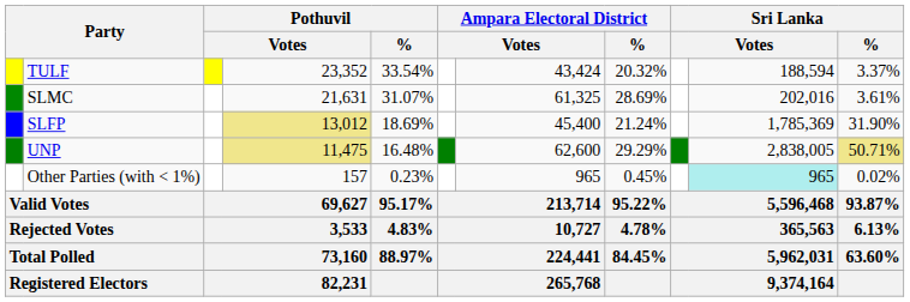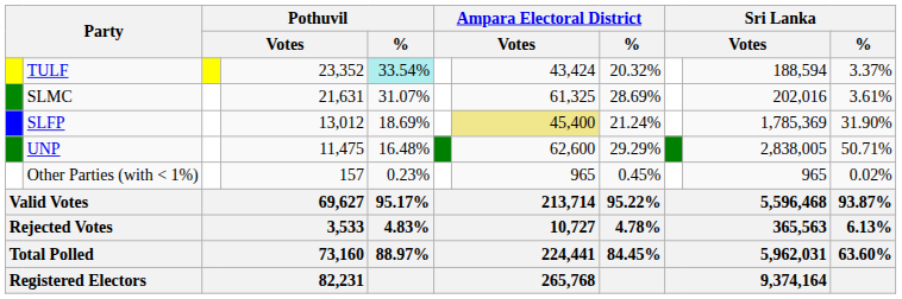 <table class="wikitable">
 <tr>
 <th colspan="2" width="144px"rowspan="2">Party</th>
 <th colspan="3" width="216px">Pothuvil</th>
 <th colspan="3" width="216px"><a href='#'>Ampara Electoral District</a></th>
 <th colspan="3" width="216px">Sri Lanka</th>
 </tr>
 <tr>
 <th colspan="2" width="144px">Votes</th>
 <th>%</th>
 <th colspan="2" width="144px">Votes</th>
 <th>%</th>
 <th colspan="2" width="144px">Votes</th>
 <th>%</th>
 </tr>
 <tr>
 <td style="background-color:yellow;" width="10px"></td>
 <td style="text-align:left;"><a href='#'>TULF</a></td>
 <td style="background-color:yellow;" width="10px"></td>
 <td style="text-align:right;">23,352</td>
-<td style="text-align:right;">33.54%</td>
+<td style="background: paleturquoise; text-align:right;">33.54%</td>
 <td style="background-color:white;" width="10px"></td>
 <td style="text-align:right;">43,424</td>
 <td style="text-align:right;">20.32%</td>
 <td style="background-color:white;" width="10px"></td>
 <td style="text-align:right;">188,594</td>
 <td style="text-align:right;">3.37%</td>
 </tr>
 <tr>
 <td style="background-color:#008800;" width="10px"></td>
 <td style="text-align:left;">SLMC</td>
 <td style="background-color:white;" width="10px"></td>
 <td style="text-align:right;">21,631</td>
 <td style="text-align:right;">31.07%</td>
 <td style="background-color:white;" width="10px"></td>
 <td style="text-align:right;">61,325</td>
 <td style="text-align:right;">28.69%</td>
 <td style="background-color:white;" width="10px"></td>
 <td style="text-align:right;">202,016</td>
 <td style="text-align:right;">3.61%</td>
 </tr>
 <tr>
 <td style="background-color:blue;" width="10px"></td>
 <td style="text-align:left;"><a href='#'>SLFP</a></td>
 <td style="background-color:white;" width="10px"></td>
-<td style="background: khaki; text-align:right;">13,012</td>
+<td style="text-align:right;">13,012</td>
 <td style="text-align:right;">18.69%</td>
 <td style="background-color:white;" width="10px"></td>
-<td style="text-align:right;">45,400</td>
+<td style="background: khaki; text-align:right;">45,400</td>
 <td style="text-align:right;">21.24%</td>
 <td style="background-color:white;" width="10px"></td>
 <td style="text-align:right;">1,785,369</td>
 <td style="text-align:right;">31.90%</td>
 </tr>
 <tr>
 <td style="background-color:green;" width="10px"></td>
 <td style="text-align:left;"><a href='#'>UNP</a></td>
 <td style="background-color:white;" width="10px"></td>
-<td style="background: khaki; text-align:right;">11,475</td>
+<td style="text-align:right;">11,475</td>
 <td style="text-align:right;">16.48%</td>
 <td style="background-color:green;" width="10px"></td>
 <td style="text-align:right;">62,600</td>
 <td style="text-align:right;">29.29%</td>
 <td style="background-color:green;" width="10px"></td>
 <td style="text-align:right;">2,838,005</td>
-<td style="background: khaki; text-align:right;">50.71%</td>
+<td style="text-align:right;">50.71%</td>
 </tr>
 <tr>
 <td style="background-color:white;" width="10px"></td>
 <td style="text-align:left;">Other Parties (with < 1%)</td>
 <td style="background-color:white;" width="10px"></td>
 <td style="text-align:right;">157</td>
 <td style="text-align:right;">0.23%</td>
 <td style="background-color:white;" width="10px"></td>
 <td style="text-align:right;">965</td>
 <td style="text-align:right;">0.45%</td>
 <td style="background-color:white;" width="10px"></td>
-<td style="background: paleturquoise; text-align:right;">965</td>
+<td style="text-align:right;">965</td>
 <td style="text-align:right;">0.02%</td>
 </tr>
 <tr>
 <th colspan="2" width="144px"style="text-align:left;">Valid Votes</th>
 <th style="text-align:right;"colspan="2" width="144px">69,627</th>
 <th style="text-align:right;">95.17%</th>
 <th style="text-align:right;"colspan="2" width="144px">213,714</th>
 <th style="text-align:right;">95.22%</th>
 <th style="text-align:right;"colspan="2" width="144px">5,596,468</th>
 <th style="text-align:right;">93.87%</th>
 </tr>
 <tr>
 <th colspan="2" width="144px"style="text-align:left;">Rejected Votes</th>
 <th style="text-align:right;"colspan="2" width="144px">3,533</th>
 <th style="text-align:right;">4.83%</th>
 <th style="text-align:right;"colspan="2" width="144px">10,727</th>
 <th style="text-align:right;">4.78%</th>
 <th style="text-align:right;"colspan="2" width="144px">365,563</th>
 <th style="text-align:right;">6.13%</th>
 </tr>
 <tr>
 <th colspan="2" width="144px"style="text-align:left;">Total Polled</th>
 <th style="text-align:right;"colspan="2" width="144px">73,160</th>
 <th style="text-align:right;">88.97%</th>
 <th style="text-align:right;"colspan="2" width="144px">224,441</th>
 <th style="text-align:right;">84.45%</th>
 <th style="text-align:right;"colspan="2" width="144px">5,962,031</th>
 <th style="text-align:right;">63.60%</th>
 </tr>
 <tr>
 <th colspan="2" width="144px"style="text-align:left;">Registered Electors</th>
 <th style="text-align:right;"colspan="2" width="144px">82,231</th>
 <th></th>
 <th style="text-align:right;"colspan="2" width="144px">265,768</th>
 <th></th>
 <th style="text-align:right;"colspan="2" width="144px">9,374,164</th>
 <th></th>
 </tr>
 </table>
